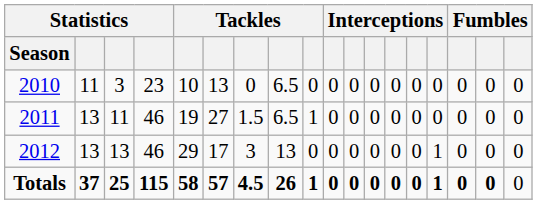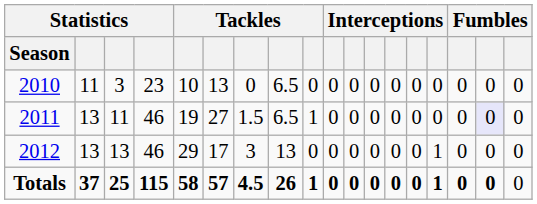 <table class="wikitable" style="text-align:center;">
 <tr>
 <th colspan="4">Statistics</th>
 <th colspan="5">Tackles</th>
 <th colspan="6">Interceptions</th>
 <th colspan="4">Fumbles</th>
 </tr>
 <tr>
 <th>Season</th>
 <th></th>
 <th></th>
 <th></th>
 <th></th>
 <th></th>
 <th></th>
 <th></th>
 <th></th>
 <th></th>
 <th></th>
 <th></th>
 <th></th>
 <th></th>
 <th></th>
 <th></th>
 <th></th>
 <th></th>
 </tr>
 <tr>
 <td><a href='#'>2010</a></td>
 <td>11</td>
 <td>3</td>
 <td>23</td>
 <td>10</td>
 <td>13</td>
 <td>0</td>
 <td>6.5</td>
 <td>0</td>
 <td>0</td>
 <td>0</td>
 <td>0</td>
 <td>0</td>
 <td>0</td>
 <td>0</td>
 <td>0</td>
 <td>0</td>
 <td>0</td>
 </tr>
 <tr>
 <td><a href='#'>2011</a></td>
 <td>13</td>
 <td>11</td>
 <td>46</td>
 <td>19</td>
 <td>27</td>
 <td>1.5</td>
 <td>6.5</td>
 <td>1</td>
 <td>0</td>
 <td>0</td>
 <td>0</td>
 <td>0</td>
 <td>0</td>
 <td>0</td>
 <td>0</td>
-<td>0</td>
+<td style="background: lavender;">0</td>
 <td>0</td>
 </tr>
 <tr>
 <td><a href='#'>2012</a></td>
 <td>13</td>
 <td>13</td>
 <td>46</td>
 <td>29</td>
 <td>17</td>
 <td>3</td>
 <td>13</td>
 <td>0</td>
 <td>0</td>
 <td>0</td>
 <td>0</td>
 <td>0</td>
 <td>0</td>
 <td>1</td>
 <td>0</td>
 <td>0</td>
 <td>0</td>
 </tr>
 <tr>
 <td colspan="1"><strong>Totals</strong></td>
 <td><strong>37</strong></td>
 <td><strong>25</strong></td>
 <td><strong>115</strong></td>
 <td><strong>58</strong></td>
 <td><strong>57</strong></td>
 <td><strong>4.5</strong></td>
 <td><strong>26</strong></td>
 <td><strong>1</strong></td>
 <td><strong>0</strong></td>
 <td><strong>0</strong></td>
 <td><strong>0</strong></td>
 <td><strong>0</strong></td>
 <td><strong>0</strong></td>
 <td><strong>1</strong></td>
 <td><strong>0</strong></td>
 <td><strong>0</strong></td>
 <td>0</td>
 </tr>
 </table>
